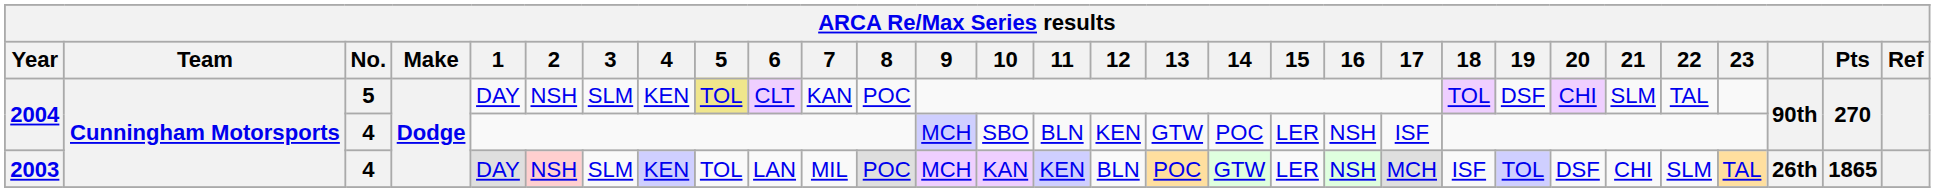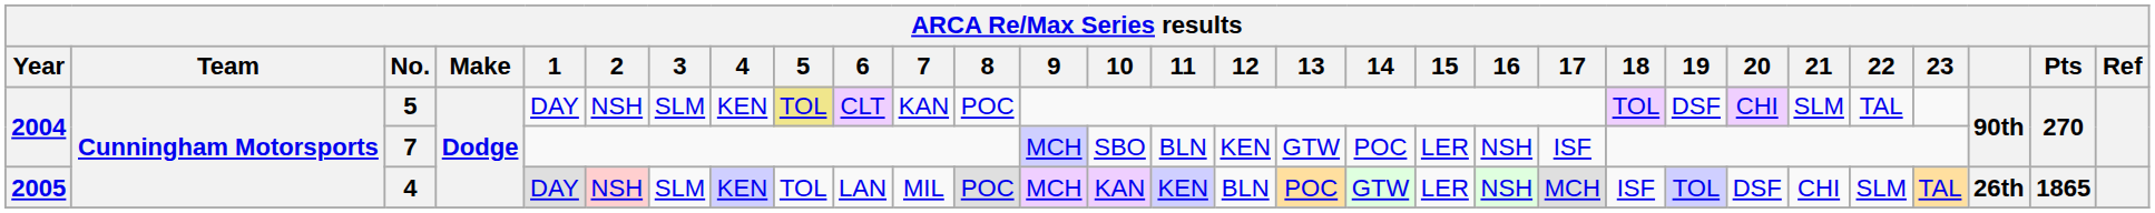 <table class="wikitable" style="text-align:center; font-size:75%">
 <tr>
 <th colspan=48><a href='#'>ARCA Re/Max Series</a> results</th>
 </tr>
 <tr>
 <th>Year</th>
 <th>Team</th>
 <th>No.</th>
 <th>Make</th>
 <th>1</th>
 <th>2</th>
 <th>3</th>
 <th>4</th>
 <th>5</th>
 <th>6</th>
 <th>7</th>
 <th>8</th>
 <th>9</th>
 <th>10</th>
 <th>11</th>
 <th>12</th>
 <th>13</th>
 <th>14</th>
 <th>15</th>
 <th>16</th>
 <th>17</th>
 <th>18</th>
 <th>19</th>
 <th>20</th>
 <th>21</th>
 <th>22</th>
 <th>23</th>
 <th></th>
 <th>Pts</th>
 <th>Ref</th>
 </tr>
 <tr>
 <th rowspan=2><a href='#'>2004</a></th>
 <th rowspan=3><a href='#'>Cunningham Motorsports</a></th>
 <th>5</th>
 <th rowspan=3><a href='#'>Dodge</a></th>
 <td><a href='#'>DAY</a></td>
 <td><a href='#'>NSH</a></td>
 <td><a href='#'>SLM</a></td>
 <td><a href='#'>KEN</a></td>
 <td style="background: khaki;"><a href='#'>TOL</a></td>
 <td style="background:#EFCFFF;"><a href='#'>CLT</a><br></td>
 <td><a href='#'>KAN</a></td>
 <td><a href='#'>POC</a></td>
 <td colspan=9></td>
 <td style="background:#EFCFFF;"><a href='#'>TOL</a><br></td>
 <td><a href='#'>DSF</a></td>
 <td style="background:#EFCFFF;"><a href='#'>CHI</a><br></td>
 <td><a href='#'>SLM</a></td>
 <td><a href='#'>TAL</a></td>
 <td></td>
 <th rowspan=2>90th</th>
 <th rowspan=2>270</th>
 <th rowspan=2></th>
 </tr>
 <tr>
-<th>4</th>
+<th>7</th>
 <td colspan=8></td>
 <td style="background:#CFCFFF;"><a href='#'>MCH</a><br></td>
 <td><a href='#'>SBO</a></td>
 <td><a href='#'>BLN</a></td>
 <td><a href='#'>KEN</a></td>
 <td><a href='#'>GTW</a></td>
 <td><a href='#'>POC</a></td>
 <td><a href='#'>LER</a></td>
 <td><a href='#'>NSH</a></td>
 <td><a href='#'>ISF</a></td>
 <td colspan=6></td>
 </tr>
 <tr>
-<th><a href='#'>2003</a></th>
+<th><a href='#'>2005</a></th>
 <th>4</th>
 <td style="background:#DFDFDF;"><a href='#'>DAY</a><br></td>
 <td style="background:#FFCFCF;"><a href='#'>NSH</a><br></td>
 <td><a href='#'>SLM</a></td>
 <td style="background:#CFCFFF;"><a href='#'>KEN</a><br></td>
 <td><a href='#'>TOL</a></td>
 <td><a href='#'>LAN</a></td>
 <td><a href='#'>MIL</a></td>
 <td style="background:#DFDFDF;"><a href='#'>POC</a><br></td>
 <td style="background:#EFCFFF;"><a href='#'>MCH</a><br></td>
 <td style="background:#EFCFFF;"><a href='#'>KAN</a><br></td>
 <td style="background:#CFCFFF;"><a href='#'>KEN</a><br></td>
 <td><a href='#'>BLN</a></td>
 <td style="background:#FFDF9F;"><a href='#'>POC</a><br></td>
 <td style="background:#DFFFDF;"><a href='#'>GTW</a><br></td>
 <td><a href='#'>LER</a></td>
 <td style="background:#DFFFDF;"><a href='#'>NSH</a><br></td>
 <td style="background:#DFDFDF;"><a href='#'>MCH</a><br></td>
 <td><a href='#'>ISF</a></td>
 <td style="background:#CFCFFF;"><a href='#'>TOL</a><br></td>
 <td><a href='#'>DSF</a></td>
 <td><a href='#'>CHI</a></td>
 <td><a href='#'>SLM</a></td>
 <td style="background:#FFDF9F;"><a href='#'>TAL</a><br></td>
 <th>26th</th>
 <th>1865</th>
 <th></th>
 </tr>
 </table>
